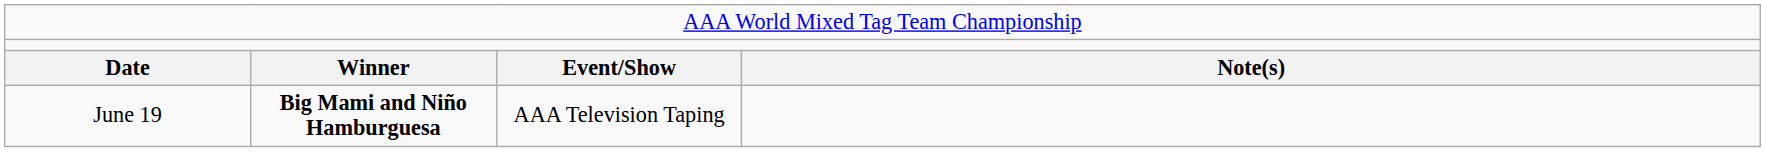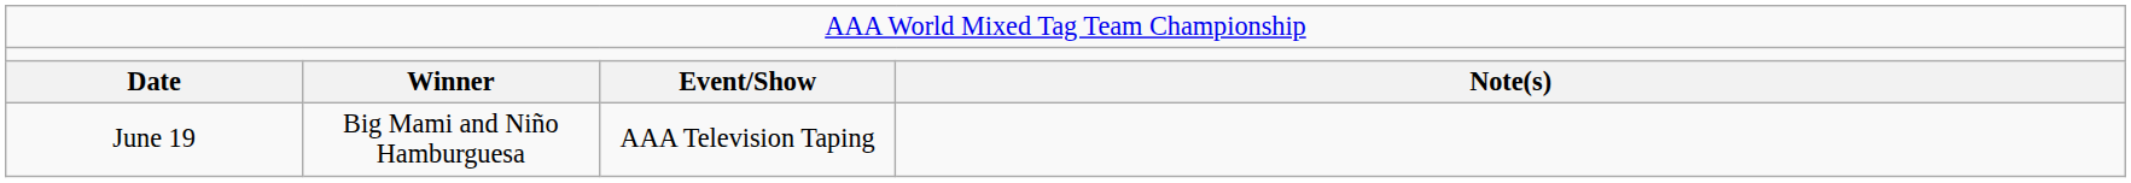 <table class="wikitable" style="text-align:center; width:100%;">
 <tr>
 <td colspan="5"><a href='#'>AAA World Mixed Tag Team Championship</a></td>
 </tr>
 <tr>
 <td colspan="5"><strong></strong></td>
 </tr>
 <tr>
 <th width="14%">Date</th>
 <th width="14%">Winner</th>
 <th width="14%">Event/Show</th>
 <th width="58%">Note(s)</th>
 </tr>
 <tr>
 <td>June 19</td>
-<td><strong>Big Mami and Niño Hamburguesa</strong></td>
+<td>Big Mami and Niño Hamburguesa</td>
 <td>AAA Television Taping</td>
 <td align="left"></td>
 </tr>
 </table>
